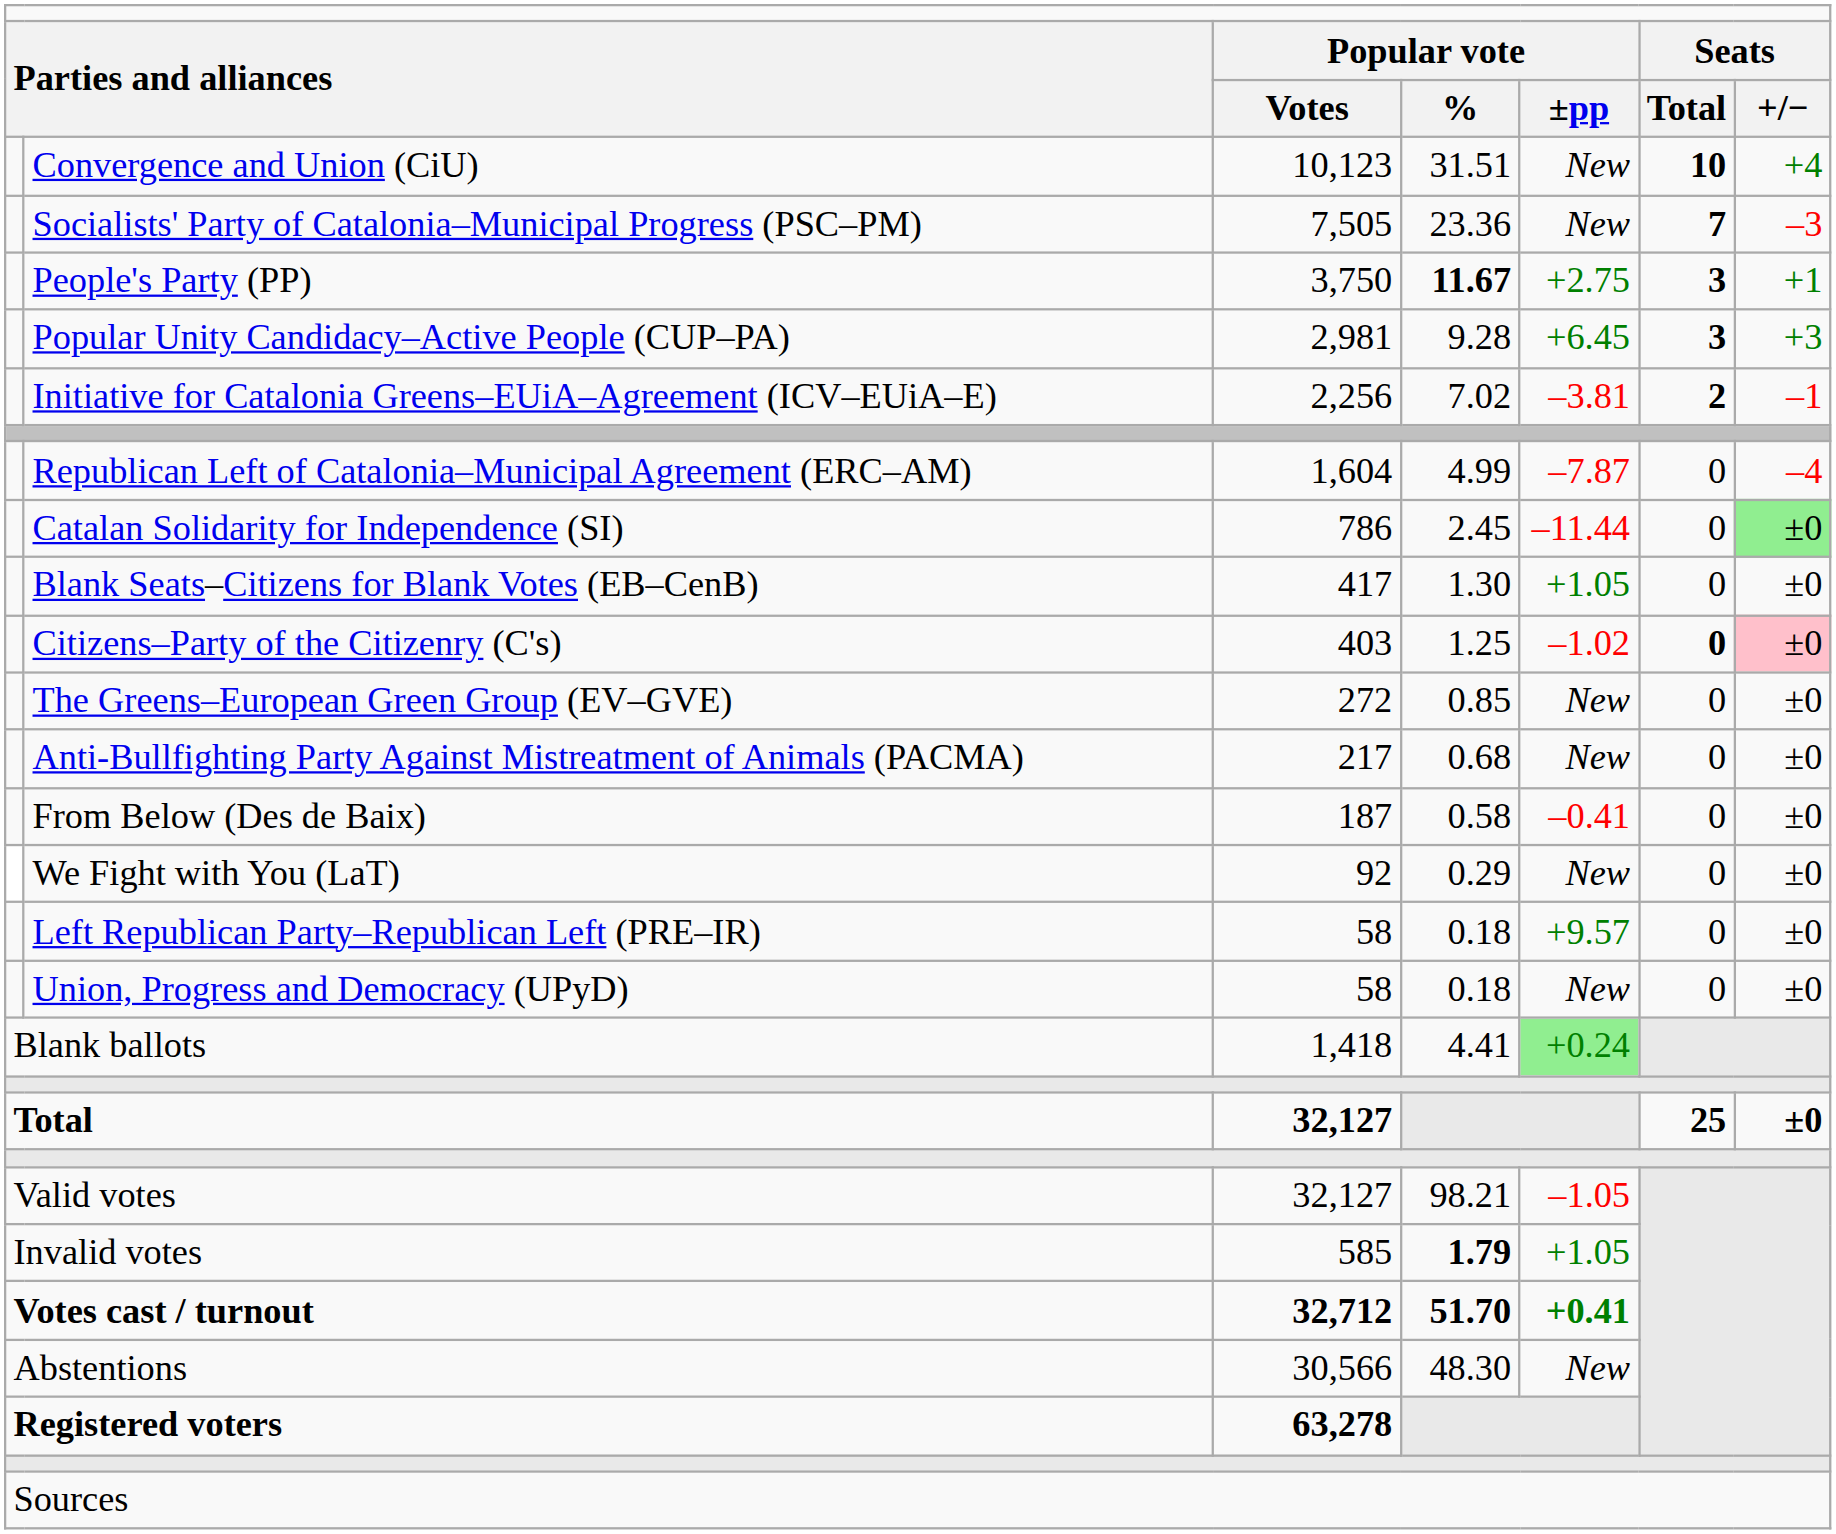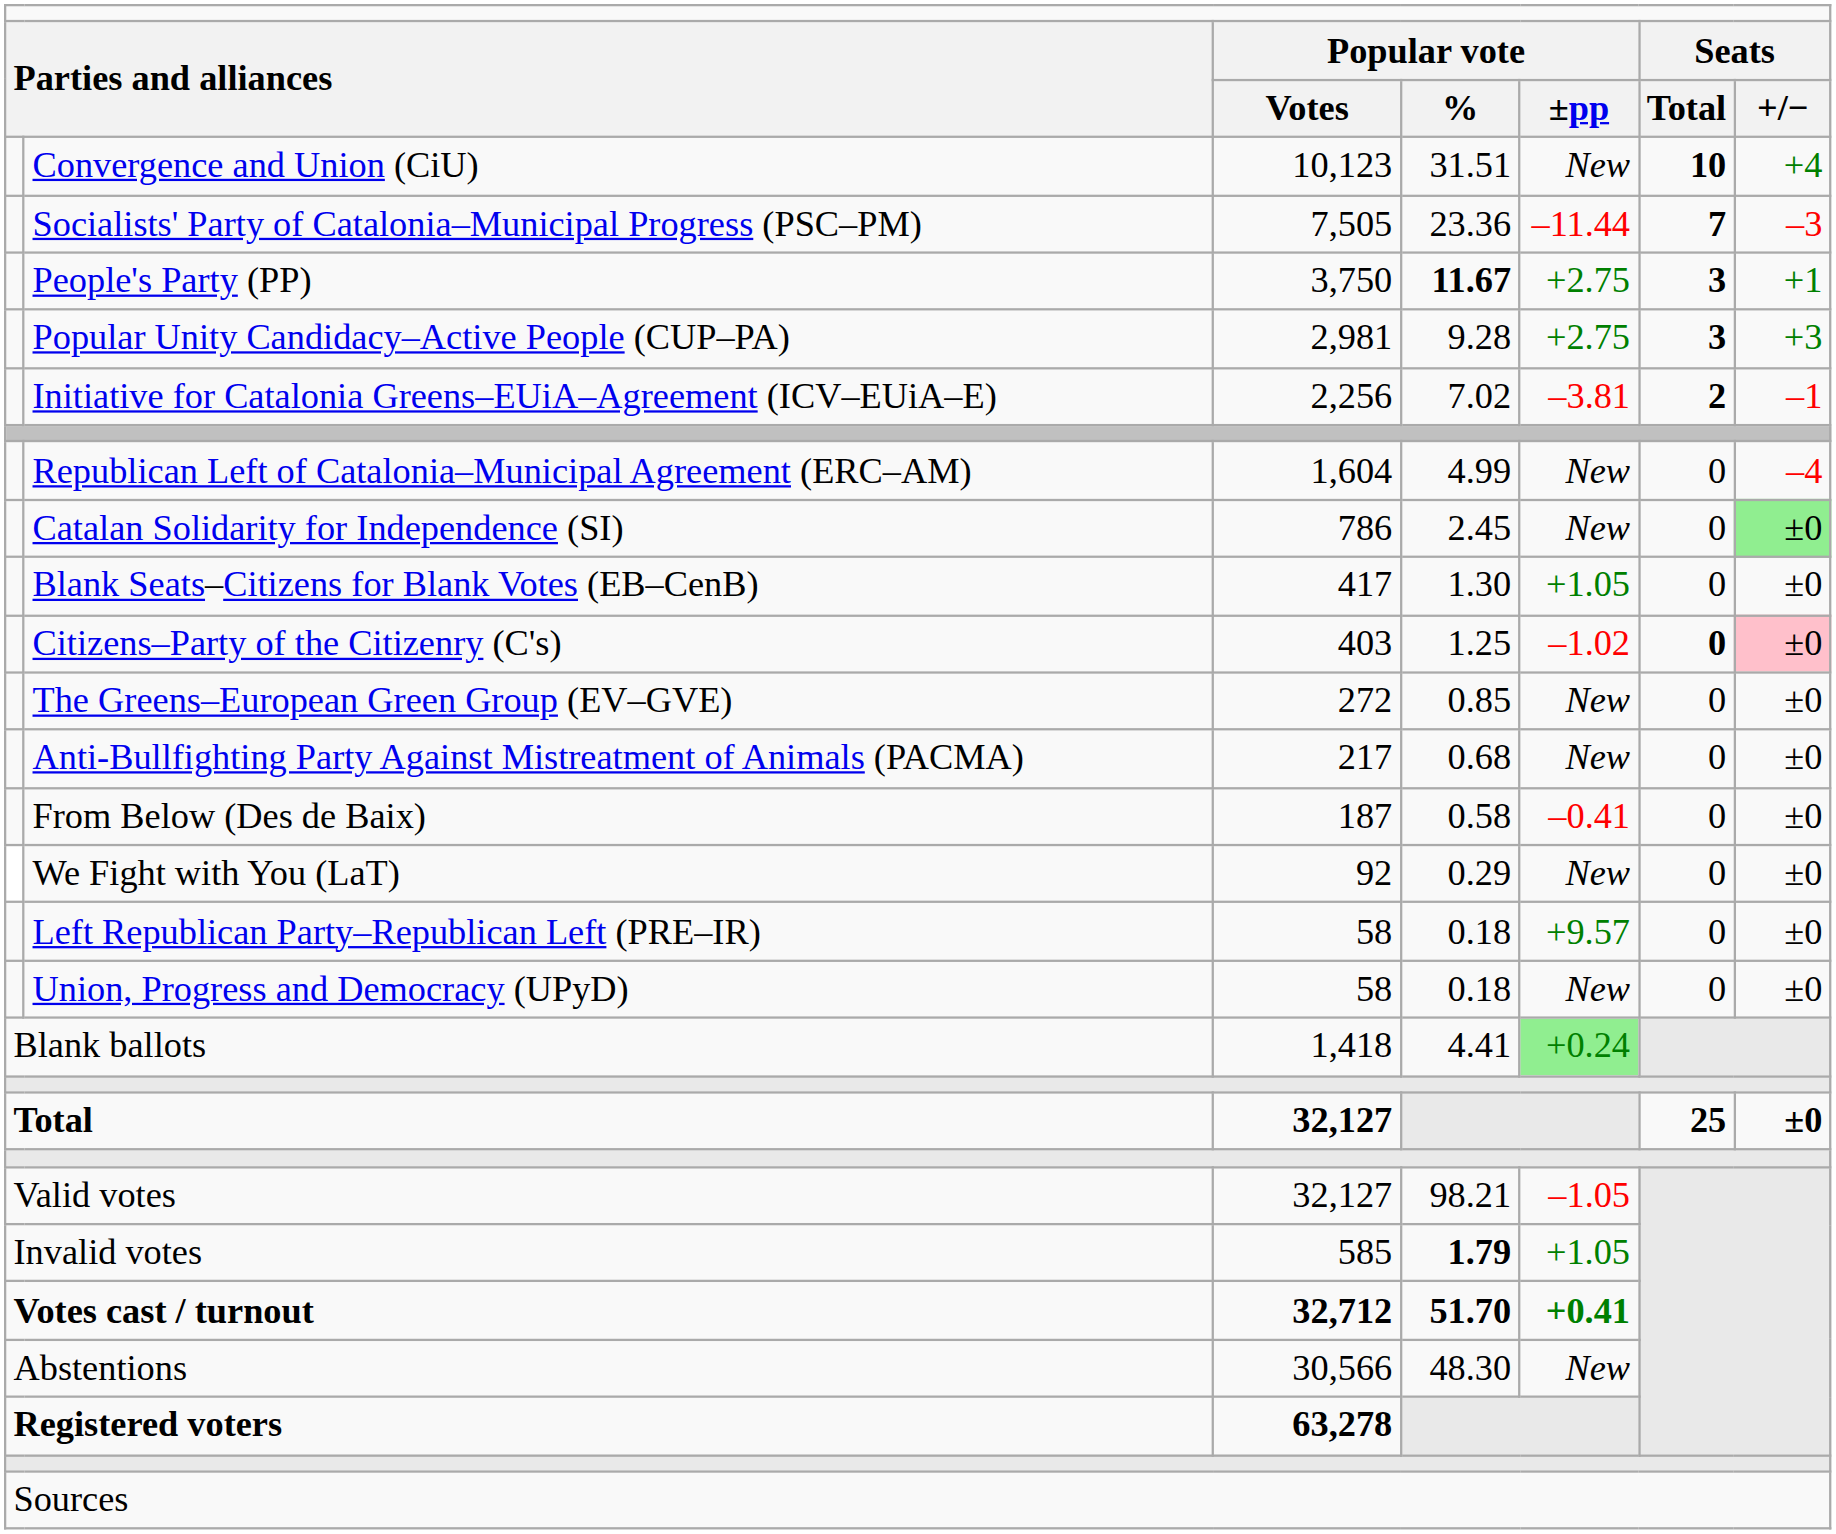 <table class="wikitable" style="text-align:right;">
 <tr>
 <td colspan="7"></td>
 </tr>
 <tr>
 <th style="text-align:left;" rowspan="2" colspan="2" width="525">Parties and alliances</th>
 <th colspan="3">Popular vote</th>
 <th colspan="2">Seats</th>
 </tr>
 <tr>
 <th width="75">Votes</th>
 <th width="45">%</th>
 <th width="45">±<a href='#'>pp</a></th>
 <th width="35">Total</th>
 <th width="35">+/−</th>
 </tr>
 <tr>
 <td width="1" style="color:inherit;background:"></td>
 <td align="left"><a href='#'>Convergence and Union</a> (CiU)</td>
 <td>10,123</td>
 <td>31.51</td>
 <td><em>New</em></td>
 <td><strong>10</strong></td>
 <td style="color:green;">+4</td>
 </tr>
 <tr>
 <td style="color:inherit;background:"></td>
 <td align="left"><a href='#'>Socialists' Party of Catalonia–Municipal Progress</a> (PSC–PM)</td>
 <td>7,505</td>
 <td>23.36</td>
-<td><em>New</em></td>
+<td style="color:red;">–11.44</td>
 <td><strong>7</strong></td>
 <td style="color:red;">–3</td>
 </tr>
 <tr>
 <td style="color:inherit;background:"></td>
 <td align="left"><a href='#'>People's Party</a> (PP)</td>
 <td>3,750</td>
 <td><strong>11.67</strong></td>
 <td style="color:green;">+2.75</td>
 <td><strong>3</strong></td>
 <td style="color:green;">+1</td>
 </tr>
 <tr>
 <td style="color:inherit;background:"></td>
 <td align="left"><a href='#'>Popular Unity Candidacy–Active People</a> (CUP–PA)</td>
 <td>2,981</td>
 <td>9.28</td>
-<td style="color:green;">+6.45</td>
+<td style="color:green;">+2.75</td>
 <td><strong>3</strong></td>
 <td style="color:green;">+3</td>
 </tr>
 <tr>
 <td style="color:inherit;background:"></td>
 <td align="left"><a href='#'>Initiative for Catalonia Greens–EUiA–Agreement</a> (ICV–EUiA–E)</td>
 <td>2,256</td>
 <td>7.02</td>
 <td style="color:red;">–3.81</td>
 <td><strong>2</strong></td>
 <td style="color:red;">–1</td>
 </tr>
 <tr>
 <td colspan="7" style="color:inherit;background:#C0C0C0"></td>
 </tr>
 <tr>
 <td style="color:inherit;background:"></td>
 <td align="left"><a href='#'>Republican Left of Catalonia–Municipal Agreement</a> (ERC–AM)</td>
 <td>1,604</td>
 <td>4.99</td>
-<td style="color:red;">–7.87</td>
+<td><em>New</em></td>
 <td>0</td>
 <td style="color:red;">–4</td>
 </tr>
 <tr>
 <td style="color:inherit;background:"></td>
 <td align="left"><a href='#'>Catalan Solidarity for Independence</a> (SI)</td>
 <td>786</td>
 <td>2.45</td>
-<td style="color:red;">–11.44</td>
+<td><em>New</em></td>
 <td>0</td>
 <td style="background: lightgreen;">±0</td>
 </tr>
 <tr>
 <td style="color:inherit;background:"></td>
 <td align="left"><a href='#'>Blank Seats</a>–<a href='#'>Citizens for Blank Votes</a> (EB–CenB)</td>
 <td>417</td>
 <td>1.30</td>
 <td style="color:green;">+1.05</td>
 <td>0</td>
 <td>±0</td>
 </tr>
 <tr>
 <td style="color:inherit;background:"></td>
 <td align="left"><a href='#'>Citizens–Party of the Citizenry</a> (C's)</td>
 <td>403</td>
 <td>1.25</td>
 <td style="color:red;">–1.02</td>
 <td><strong>0</strong></td>
 <td style="background: pink;">±0</td>
 </tr>
 <tr>
 <td style="color:inherit;background:"></td>
 <td align="left"><a href='#'>The Greens–European Green Group</a> (EV–GVE)</td>
 <td>272</td>
 <td>0.85</td>
 <td><em>New</em></td>
 <td>0</td>
 <td>±0</td>
 </tr>
 <tr>
 <td style="color:inherit;background:"></td>
 <td align="left"><a href='#'>Anti-Bullfighting Party Against Mistreatment of Animals</a> (PACMA)</td>
 <td>217</td>
 <td>0.68</td>
 <td><em>New</em></td>
 <td>0</td>
 <td>±0</td>
 </tr>
 <tr>
 <td style="color:inherit;background:"></td>
 <td align="left">From Below (Des de Baix)</td>
 <td>187</td>
 <td>0.58</td>
 <td style="color:red;">–0.41</td>
 <td>0</td>
 <td>±0</td>
 </tr>
 <tr>
 <td bgcolor="white"></td>
 <td align="left">We Fight with You (LaT)</td>
 <td>92</td>
 <td>0.29</td>
 <td><em>New</em></td>
 <td>0</td>
 <td>±0</td>
 </tr>
 <tr>
 <td style="color:inherit;background:"></td>
 <td align="left"><a href='#'>Left Republican Party–Republican Left</a> (PRE–IR)</td>
 <td>58</td>
 <td>0.18</td>
 <td style="color:green;">+9.57</td>
 <td>0</td>
 <td>±0</td>
 </tr>
 <tr>
 <td style="color:inherit;background:"></td>
 <td align="left"><a href='#'>Union, Progress and Democracy</a> (UPyD)</td>
 <td>58</td>
 <td>0.18</td>
 <td><em>New</em></td>
 <td>0</td>
 <td>±0</td>
 </tr>
 <tr>
 <td align="left" colspan="2">Blank ballots</td>
 <td>1,418</td>
 <td>4.41</td>
 <td style="background: lightgreen; color:green;">+0.24</td>
 <td style="color:inherit;background:#E9E9E9" colspan="2"></td>
 </tr>
 <tr>
 <td colspan="7" style="color:inherit;background:#E9E9E9"></td>
 </tr>
 <tr style="font-weight:bold;">
 <td align="left" colspan="2">Total</td>
 <td>32,127</td>
 <td bgcolor="#E9E9E9" colspan="2"></td>
 <td>25</td>
 <td>±0</td>
 </tr>
 <tr>
 <td colspan="7" style="color:inherit;background:#E9E9E9"></td>
 </tr>
 <tr>
 <td align="left" colspan="2">Valid votes</td>
 <td>32,127</td>
 <td>98.21</td>
 <td style="color:red;">–1.05</td>
 <td bgcolor="#E9E9E9" colspan="2" rowspan="5"></td>
 </tr>
 <tr>
 <td align="left" colspan="2">Invalid votes</td>
 <td>585</td>
 <td><strong>1.79</strong></td>
 <td style="color:green;">+1.05</td>
 </tr>
 <tr style="font-weight:bold;">
 <td align="left" colspan="2">Votes cast / turnout</td>
 <td>32,712</td>
 <td>51.70</td>
 <td style="color:green;">+0.41</td>
 </tr>
 <tr>
 <td align="left" colspan="2">Abstentions</td>
 <td>30,566</td>
 <td>48.30</td>
 <td><em>New</em></td>
 </tr>
 <tr style="font-weight:bold;">
 <td align="left" colspan="2">Registered voters</td>
 <td>63,278</td>
 <td bgcolor="#E9E9E9" colspan="2"></td>
 </tr>
 <tr>
 <td colspan="7" style="color:inherit;background:#E9E9E9"></td>
 </tr>
 <tr>
 <td align="left" colspan="7">Sources</td>
 </tr>
 </table>
